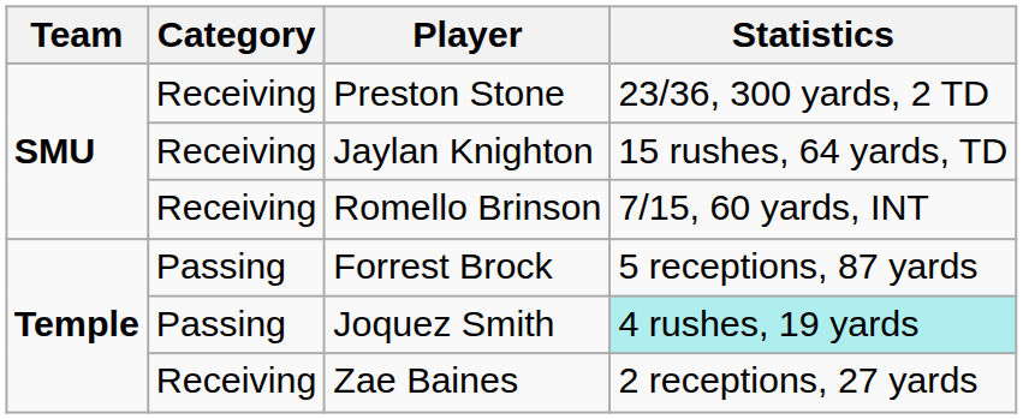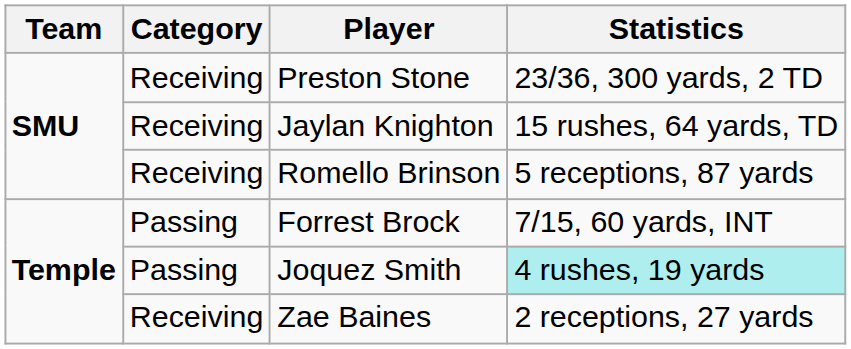 <table class="wikitable" style="float: right;">
 <tr>
 <th>Team</th>
 <th>Category</th>
 <th>Player</th>
 <th>Statistics</th>
 </tr>
 <tr>
 <td rowspan=3><strong>SMU</strong></td>
 <td>Receiving</td>
 <td>Preston Stone</td>
 <td>23/36, 300 yards, 2 TD</td>
 </tr>
 <tr>
 <td>Receiving</td>
 <td>Jaylan Knighton</td>
 <td>15 rushes, 64 yards, TD</td>
 </tr>
 <tr>
 <td>Receiving</td>
 <td>Romello Brinson</td>
-<td>7/15, 60 yards, INT</td>
+<td>5 receptions, 87 yards</td>
 </tr>
 <tr>
 <td rowspan=3><strong>Temple</strong></td>
 <td>Passing</td>
 <td>Forrest Brock</td>
-<td>5 receptions, 87 yards</td>
+<td>7/15, 60 yards, INT</td>
 </tr>
 <tr>
 <td>Passing</td>
 <td>Joquez Smith</td>
 <td style="background: paleturquoise;">4 rushes, 19 yards</td>
 </tr>
 <tr>
 <td>Receiving</td>
 <td>Zae Baines</td>
 <td>2 receptions, 27 yards</td>
 </tr>
 </table>
